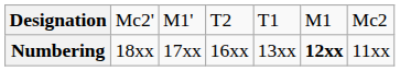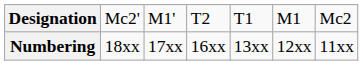 <table class="wikitable">
 <tr>
 <th>Designation</th>
 <td>Mc2'</td>
 <td>M1'</td>
 <td>T2</td>
 <td>T1</td>
 <td>M1</td>
 <td>Mc2</td>
 </tr>
 <tr>
 <th>Numbering</th>
 <td>18xx</td>
 <td>17xx</td>
 <td>16xx</td>
 <td>13xx</td>
-<td><strong>12xx</strong></td>
+<td>12xx</td>
 <td>11xx</td>
 </tr>
 </table>
